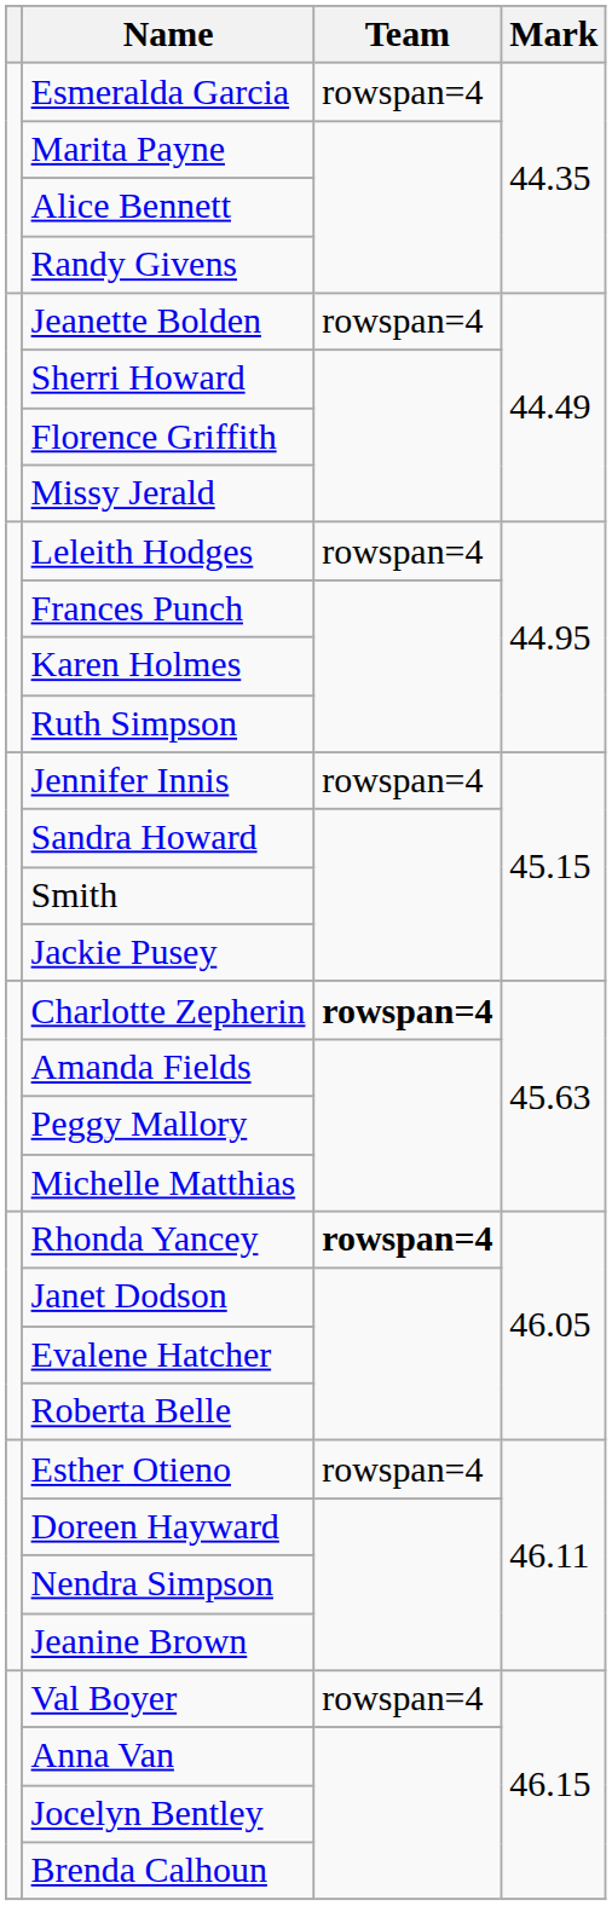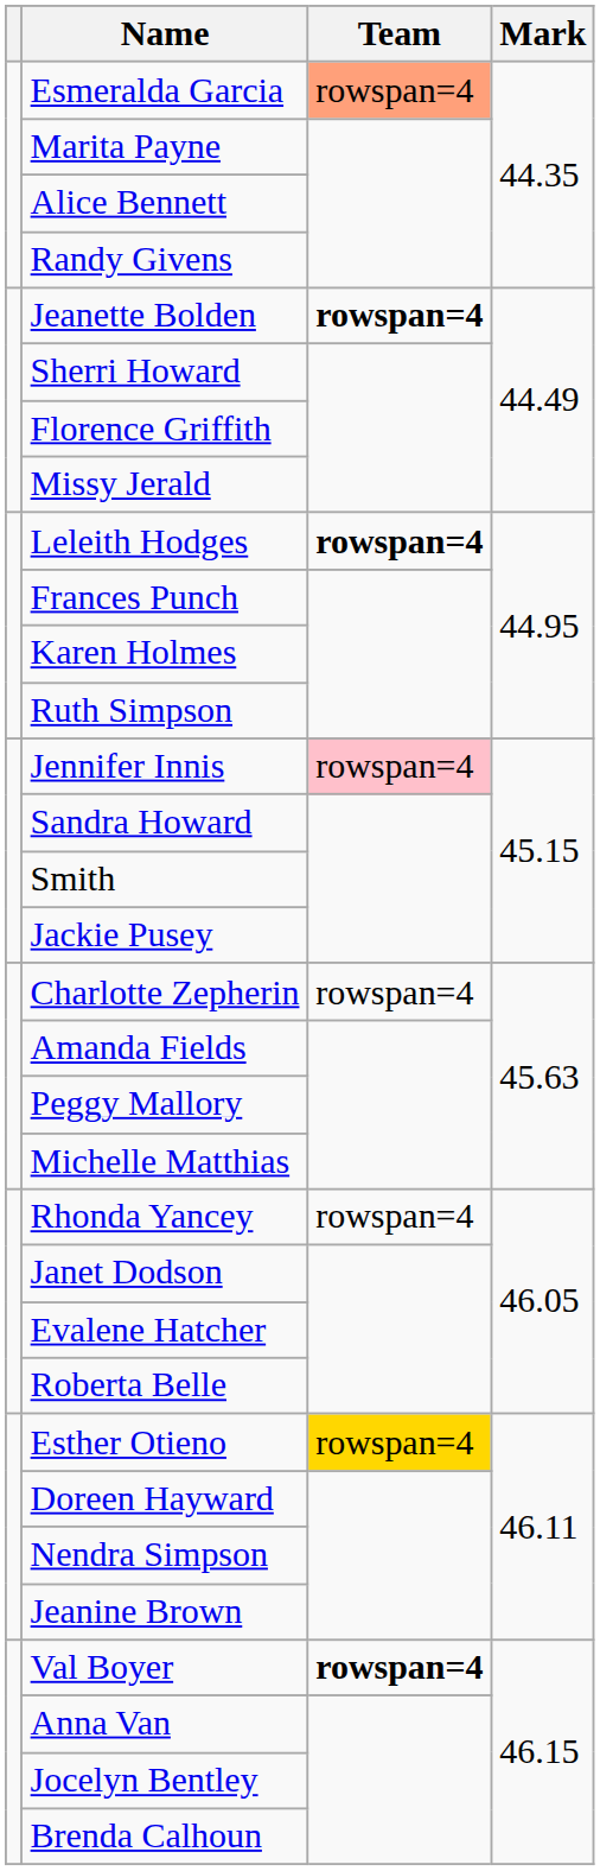 <table class=wikitable>
 <tr>
 <th></th>
 <th>Name</th>
 <th>Team</th>
 <th>Mark</th>
 </tr>
 <tr>
 <td rowspan=4></td>
 <td><a href='#'>Esmeralda Garcia</a></td>
-<td>rowspan=4 </td>
+<td style="background: lightsalmon;">rowspan=4 </td>
 <td rowspan=4>44.35</td>
 </tr>
 <tr>
 <td><a href='#'>Marita Payne</a></td>
 </tr>
 <tr>
 <td><a href='#'>Alice Bennett</a></td>
 </tr>
 <tr>
 <td><a href='#'>Randy Givens</a></td>
 </tr>
 <tr>
 <td rowspan=4></td>
 <td><a href='#'>Jeanette Bolden</a></td>
-<td>rowspan=4 </td>
+<td><strong>rowspan=4 </strong></td>
 <td rowspan=4>44.49</td>
 </tr>
 <tr>
 <td><a href='#'>Sherri Howard</a></td>
 </tr>
 <tr>
 <td><a href='#'>Florence Griffith</a></td>
 </tr>
 <tr>
 <td><a href='#'>Missy Jerald</a></td>
 </tr>
 <tr>
 <td rowspan=4></td>
 <td><a href='#'>Leleith Hodges</a></td>
-<td>rowspan=4 </td>
+<td><strong>rowspan=4 </strong></td>
 <td rowspan=4>44.95</td>
 </tr>
 <tr>
 <td><a href='#'>Frances Punch</a></td>
 </tr>
 <tr>
 <td><a href='#'>Karen Holmes</a></td>
 </tr>
 <tr>
 <td><a href='#'>Ruth Simpson</a></td>
 </tr>
 <tr>
 <td rowspan=4></td>
 <td><a href='#'>Jennifer Innis</a></td>
-<td>rowspan=4 </td>
+<td style="background: pink;">rowspan=4 </td>
 <td rowspan=4>45.15</td>
 </tr>
 <tr>
 <td><a href='#'>Sandra Howard</a></td>
 </tr>
 <tr>
 <td>Smith</td>
 </tr>
 <tr>
 <td><a href='#'>Jackie Pusey</a></td>
 </tr>
 <tr>
 <td rowspan=4></td>
 <td><a href='#'>Charlotte Zepherin</a></td>
-<td><strong>rowspan=4 </strong></td>
+<td>rowspan=4 </td>
 <td rowspan=4>45.63</td>
 </tr>
 <tr>
 <td><a href='#'>Amanda Fields</a></td>
 </tr>
 <tr>
 <td><a href='#'>Peggy Mallory</a></td>
 </tr>
 <tr>
 <td><a href='#'>Michelle Matthias</a></td>
 </tr>
 <tr>
 <td rowspan=4></td>
 <td><a href='#'>Rhonda Yancey</a></td>
-<td><strong>rowspan=4 </strong></td>
+<td>rowspan=4 </td>
 <td rowspan=4>46.05</td>
 </tr>
 <tr>
 <td><a href='#'>Janet Dodson</a></td>
 </tr>
 <tr>
 <td><a href='#'>Evalene Hatcher</a></td>
 </tr>
 <tr>
 <td><a href='#'>Roberta Belle</a></td>
 </tr>
 <tr>
 <td rowspan=4></td>
 <td><a href='#'>Esther Otieno</a></td>
-<td>rowspan=4 </td>
+<td style="background: gold;">rowspan=4 </td>
 <td rowspan=4>46.11</td>
 </tr>
 <tr>
 <td><a href='#'>Doreen Hayward</a></td>
 </tr>
 <tr>
 <td><a href='#'>Nendra Simpson</a></td>
 </tr>
 <tr>
 <td><a href='#'>Jeanine Brown</a></td>
 </tr>
 <tr>
 <td rowspan=4></td>
 <td><a href='#'>Val Boyer</a></td>
-<td>rowspan=4 </td>
+<td><strong>rowspan=4 </strong></td>
 <td rowspan=4>46.15</td>
 </tr>
 <tr>
 <td><a href='#'>Anna Van</a></td>
 </tr>
 <tr>
 <td><a href='#'>Jocelyn Bentley</a></td>
 </tr>
 <tr>
 <td><a href='#'>Brenda Calhoun</a></td>
 </tr>
 </table>
